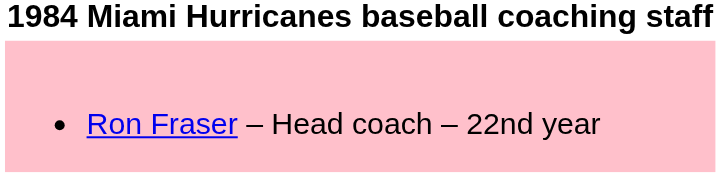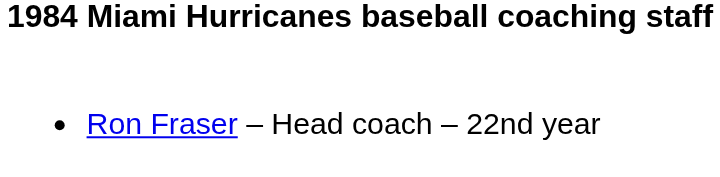 <table class="toccolours">
 <tr>
 <th colspan=9>1984 Miami Hurricanes baseball coaching staff</th>
 </tr>
 <tr>
-<td style="background: pink; text-align: left; font-size: 95%;" valign="top"><br><ul><li><a href='#'>Ron Fraser</a> – Head coach – 22nd year</li></ul></td>
+<td style="text-align: left; font-size: 95%;" valign="top"><br><ul><li><a href='#'>Ron Fraser</a> – Head coach – 22nd year</li></ul></td>
 </tr>
 </table>
